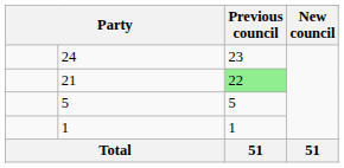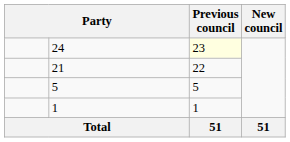 <table class="wikitable">
 <tr>
 <th valign=centre colspan="2" style="width: 230px">Party</th>
 <th valign=top style="width: 30px">Previous council</th>
 <th valign=top style="width: 30px">New council</th>
 </tr>
 <tr>
 <td></td>
 <td>24</td>
-<td>23</td>
+<td style="background: lightyellow;">23</td>
 </tr>
 <tr>
 <td></td>
 <td>21</td>
-<td style="background: lightgreen;">22</td>
+<td>22</td>
 </tr>
 <tr>
 <td></td>
 <td>5</td>
 <td>5</td>
 </tr>
 <tr>
 <td></td>
 <td>1</td>
 <td>1</td>
 </tr>
 <tr>
 <th colspan=2>Total</th>
 <th style="text-align: center">51</th>
 <th colspan=3>51</th>
 </tr>
 </table>
